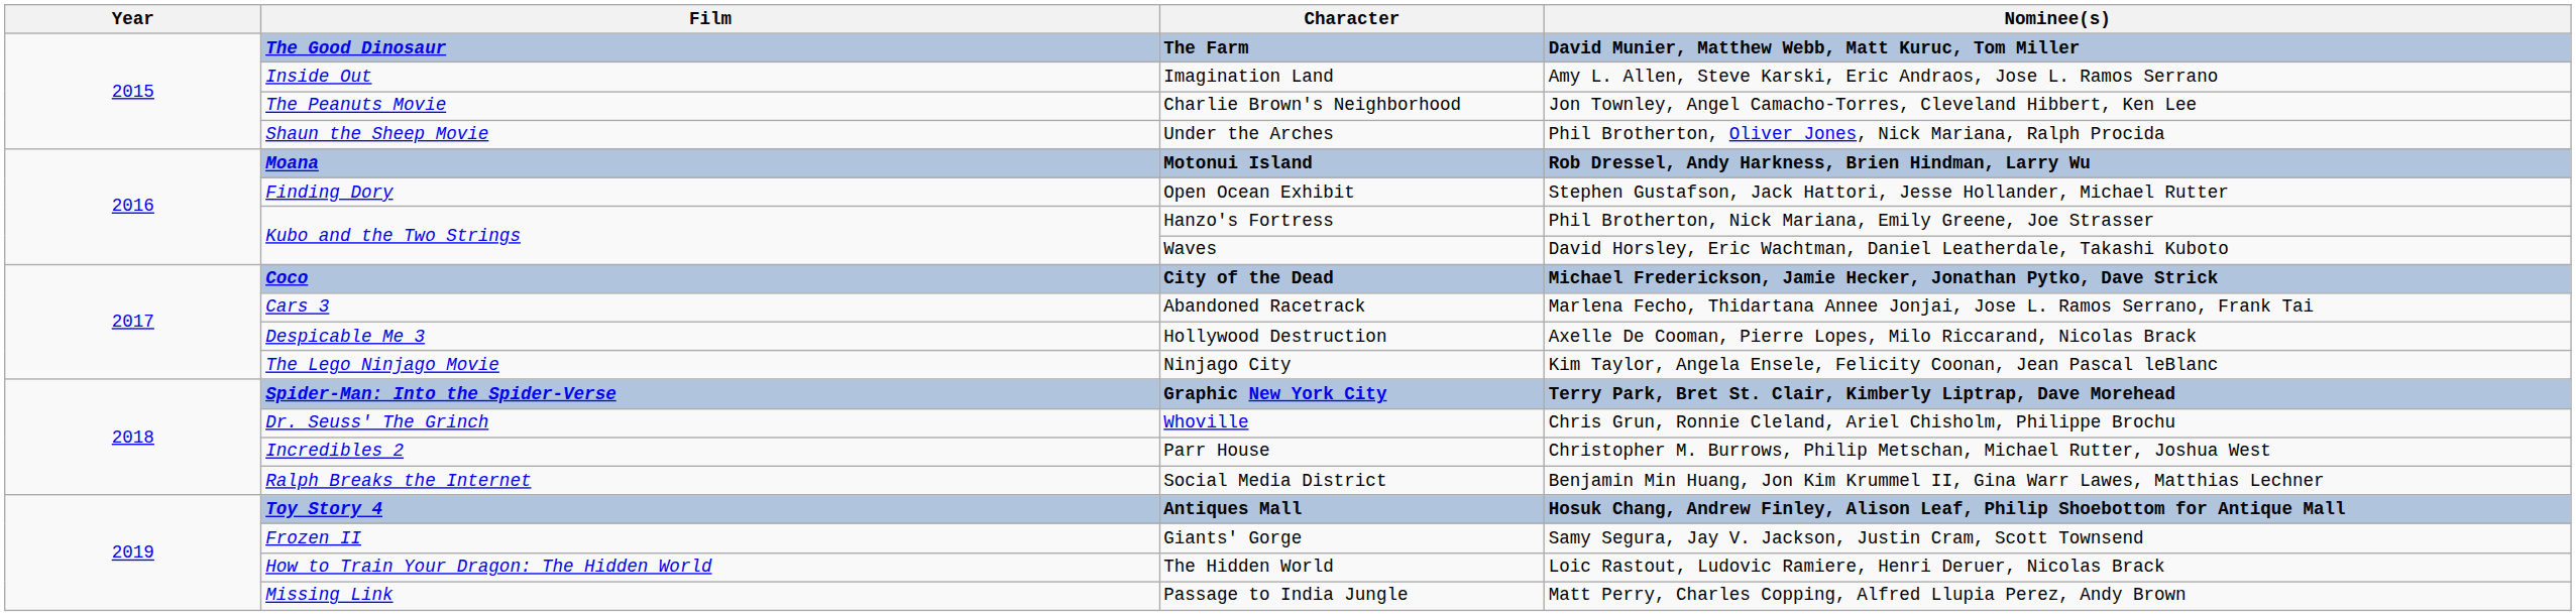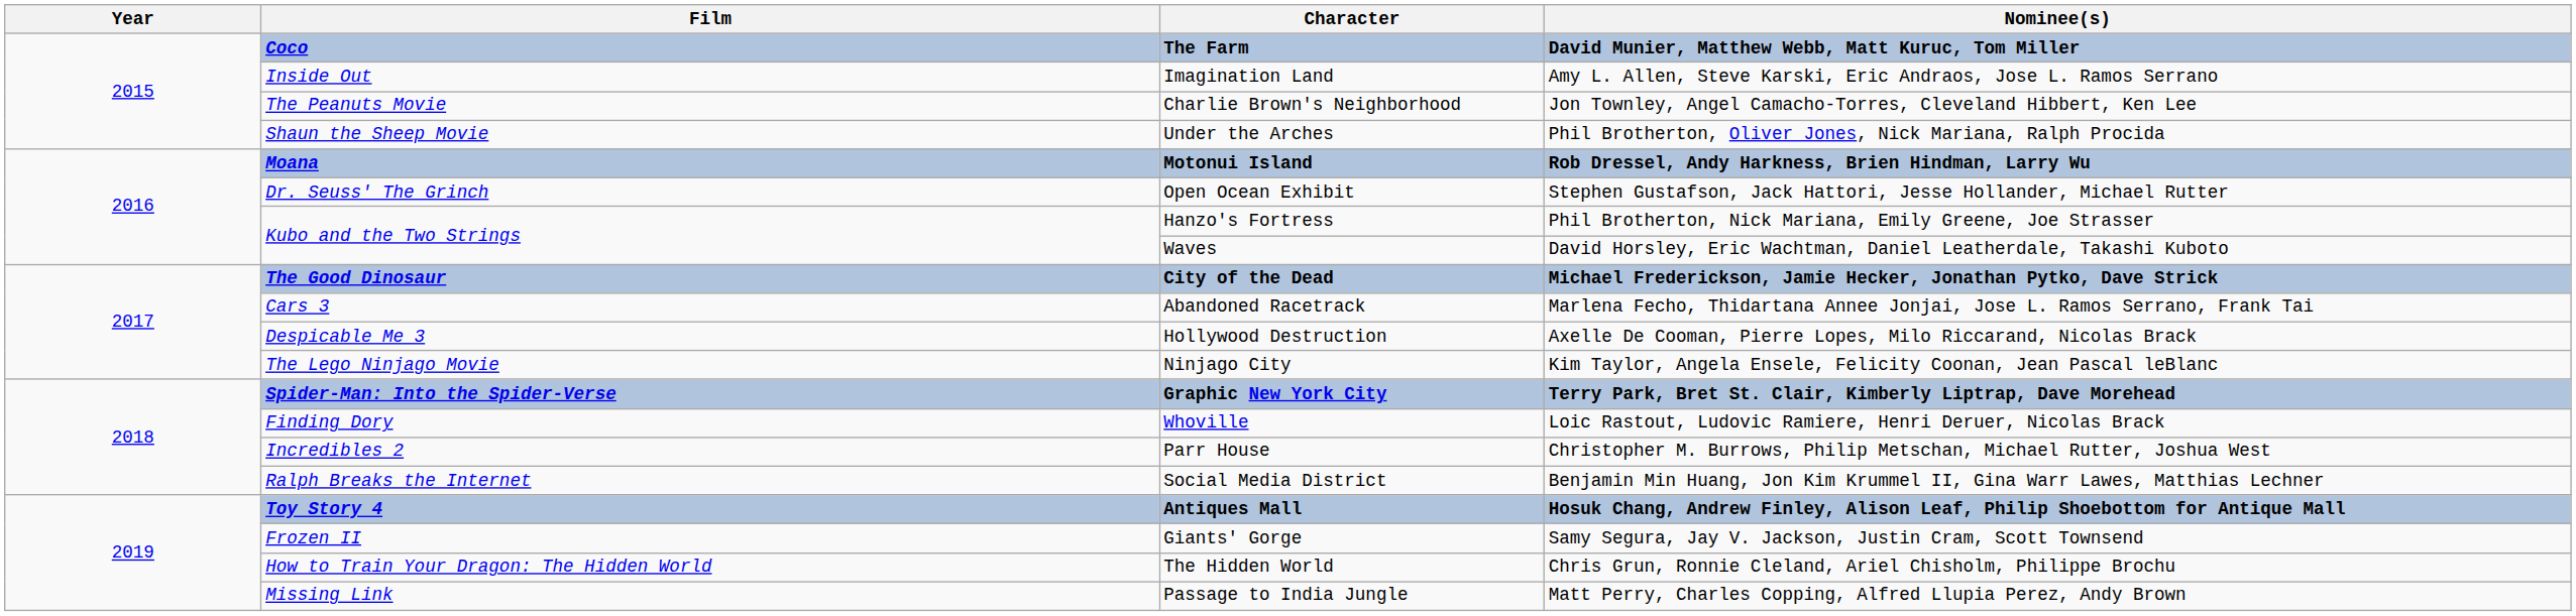 <table class="wikitable" width="95%" cellpadding="5">
 <tr>
 <th width="10%">Year</th>
 <th width="35%">Film</th>
 <th width="15%">Character</th>
 <th width="45%">Nominee(s)</th>
 </tr>
 <tr>
 <td rowspan="4" style="text-align:center;"><a href='#'>2015</a><br></td>
-<td style="background:#B0C4DE;"><strong><em><a href='#'>The Good Dinosaur</a></em></strong></td>
+<td style="background:#B0C4DE;"><strong><em><a href='#'>Coco</a></em></strong></td>
 <td style="background:#B0C4DE;"><strong>The Farm</strong></td>
 <td style="background:#B0C4DE;"><strong>David Munier, Matthew Webb, Matt Kuruc, Tom Miller</strong></td>
 </tr>
 <tr>
 <td><em><a href='#'>Inside Out</a></em></td>
 <td>Imagination Land</td>
 <td>Amy L. Allen, Steve Karski, Eric Andraos, Jose L. Ramos Serrano</td>
 </tr>
 <tr>
 <td><em><a href='#'>The Peanuts Movie</a></em></td>
 <td>Charlie Brown's Neighborhood</td>
 <td>Jon Townley, Angel Camacho-Torres, Cleveland Hibbert, Ken Lee</td>
 </tr>
 <tr>
 <td><em><a href='#'>Shaun the Sheep Movie</a></em></td>
 <td>Under the Arches</td>
 <td>Phil Brotherton, <a href='#'>Oliver Jones</a>, Nick Mariana, Ralph Procida</td>
 </tr>
 <tr>
 <td rowspan="4" style="text-align:center;"><a href='#'>2016</a><br></td>
 <td style="background:#B0C4DE;"><strong><em><a href='#'>Moana</a></em></strong></td>
 <td style="background:#B0C4DE;"><strong>Motonui Island</strong></td>
 <td style="background:#B0C4DE;"><strong>Rob Dressel, Andy Harkness, Brien Hindman, Larry Wu</strong></td>
 </tr>
 <tr>
-<td><em><a href='#'>Finding Dory</a></em></td>
+<td><em><a href='#'>Dr. Seuss' The Grinch</a></em></td>
 <td>Open Ocean Exhibit</td>
 <td>Stephen Gustafson, Jack Hattori, Jesse Hollander, Michael Rutter</td>
 </tr>
 <tr>
 <td rowspan="2"><em><a href='#'>Kubo and the Two Strings</a></em></td>
 <td>Hanzo's Fortress</td>
 <td>Phil Brotherton, Nick Mariana, Emily Greene, Joe Strasser</td>
 </tr>
 <tr>
 <td>Waves</td>
 <td>David Horsley, Eric Wachtman, Daniel Leatherdale, Takashi Kuboto</td>
 </tr>
 <tr>
 <td rowspan="4" style="text-align:center;"><a href='#'>2017</a><br></td>
-<td style="background:#B0C4DE;"><strong><em><a href='#'>Coco</a></em></strong></td>
+<td style="background:#B0C4DE;"><strong><em><a href='#'>The Good Dinosaur</a></em></strong></td>
 <td style="background:#B0C4DE;"><strong>City of the Dead</strong></td>
 <td style="background:#B0C4DE;"><strong>Michael Frederickson, Jamie Hecker, Jonathan Pytko, Dave Strick</strong></td>
 </tr>
 <tr>
 <td><em><a href='#'>Cars 3</a></em></td>
 <td>Abandoned Racetrack</td>
 <td>Marlena Fecho, Thidartana Annee Jonjai, Jose L. Ramos Serrano, Frank Tai</td>
 </tr>
 <tr>
 <td><em><a href='#'>Despicable Me 3</a></em></td>
 <td>Hollywood Destruction</td>
 <td>Axelle De Cooman, Pierre Lopes, Milo Riccarand, Nicolas Brack</td>
 </tr>
 <tr>
 <td><em><a href='#'>The Lego Ninjago Movie</a></em></td>
 <td>Ninjago City</td>
 <td>Kim Taylor, Angela Ensele, Felicity Coonan, Jean Pascal leBlanc</td>
 </tr>
 <tr>
 <td rowspan="4" style="text-align:center;"><a href='#'>2018</a><br></td>
 <td style="background:#B0C4DE;"><strong><em><a href='#'>Spider-Man: Into the Spider-Verse</a></em></strong></td>
 <td style="background:#B0C4DE;"><strong>Graphic <a href='#'>New York City</a></strong></td>
 <td style="background:#B0C4DE;"><strong>Terry Park, Bret St. Clair, Kimberly Liptrap, Dave Morehead</strong></td>
 </tr>
 <tr>
-<td><em><a href='#'>Dr. Seuss' The Grinch</a></em></td>
+<td><em><a href='#'>Finding Dory</a></em></td>
 <td><a href='#'>Whoville</a></td>
-<td>Chris Grun, Ronnie Cleland, Ariel Chisholm, Philippe Brochu</td>
+<td>Loic Rastout, Ludovic Ramiere, Henri Deruer, Nicolas Brack</td>
 </tr>
 <tr>
 <td><em><a href='#'>Incredibles 2</a></em></td>
 <td>Parr House</td>
 <td>Christopher M. Burrows, Philip Metschan, Michael Rutter, Joshua West</td>
 </tr>
 <tr>
 <td><em><a href='#'>Ralph Breaks the Internet</a></em></td>
 <td>Social Media District</td>
 <td>Benjamin Min Huang, Jon Kim Krummel II, Gina Warr Lawes, Matthias Lechner</td>
 </tr>
 <tr>
 <td rowspan="4" style="text-align:center;"><a href='#'>2019</a><br></td>
 <td style="background:#B0C4DE;"><strong><em><a href='#'>Toy Story 4</a></em></strong></td>
 <td style="background:#B0C4DE;"><strong>Antiques Mall</strong></td>
 <td style="background:#B0C4DE;"><strong>Hosuk Chang, Andrew Finley, Alison Leaf, Philip Shoebottom for Antique Mall</strong></td>
 </tr>
 <tr>
 <td><em><a href='#'>Frozen II</a></em></td>
 <td>Giants' Gorge</td>
 <td>Samy Segura, Jay V. Jackson, Justin Cram, Scott Townsend</td>
 </tr>
 <tr>
 <td><em><a href='#'>How to Train Your Dragon: The Hidden World</a></em></td>
 <td>The Hidden World</td>
-<td>Loic Rastout, Ludovic Ramiere, Henri Deruer, Nicolas Brack</td>
+<td>Chris Grun, Ronnie Cleland, Ariel Chisholm, Philippe Brochu</td>
 </tr>
 <tr>
 <td><em><a href='#'>Missing Link</a></em></td>
 <td>Passage to India Jungle</td>
 <td>Matt Perry, Charles Copping, Alfred Llupia Perez, Andy Brown</td>
 </tr>
 </table>
